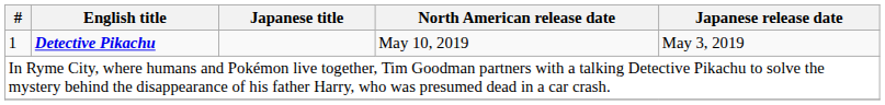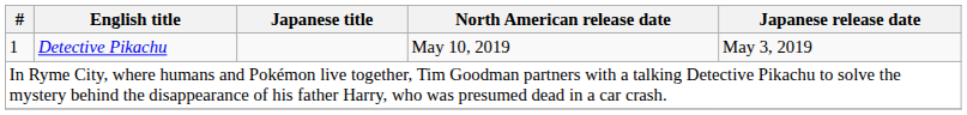 <table class="wikitable">
 <tr>
 <th>#</th>
 <th>English title</th>
 <th>Japanese title</th>
 <th>North American release date</th>
 <th>Japanese release date</th>
 </tr>
 <tr>
 <td>1</td>
-<td><strong><em><a href='#'>Detective Pikachu</a></em></strong></td>
+<td><em><a href='#'>Detective Pikachu</a></em></td>
 <td></td>
 <td>May 10, 2019</td>
 <td>May 3, 2019</td>
 </tr>
 <tr>
 <td colspan="5" style="background:#FFFFFF;">In Ryme City, where humans and Pokémon live together, Tim Goodman partners with a talking Detective Pikachu to solve the mystery behind the disappearance of his father Harry, who was presumed dead in a car crash.</td>
 </tr>
 <tr>
 </tr>
 </table>
